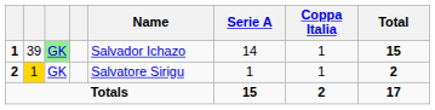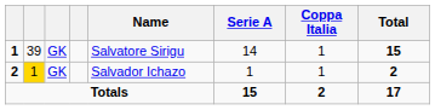 <table class="wikitable" style="text-align:center">
 <tr>
 <th width=15></th>
 <th width=15></th>
 <th width=15></th>
 <th width=15></th>
 <th width=145>Name</th>
 <th width=80><strong><a href='#'>Serie A</a></strong></th>
 <th width=80><strong><a href='#'>Coppa Italia</a></strong></th>
 <th width=80>Total</th>
 </tr>
 <tr>
 <td><strong>1</strong></td>
 <td>39</td>
-<td style="background: lightgreen;"><a href='#'>GK</a></td>
+<td><a href='#'>GK</a></td>
 <td></td>
-<td align=left><a href='#'>Salvador Ichazo</a></td>
+<td align=left><a href='#'>Salvatore Sirigu</a></td>
 <td>14</td>
 <td>1</td>
 <td><strong>15</strong></td>
 </tr>
 <tr>
 <td><strong>2</strong></td>
 <td style="background: gold;">1</td>
 <td><a href='#'>GK</a></td>
 <td></td>
-<td align=left><a href='#'>Salvatore Sirigu</a></td>
+<td align=left><a href='#'>Salvador Ichazo</a></td>
 <td>1</td>
 <td>1</td>
 <td><strong>2</strong></td>
 </tr>
 <tr>
 <td colspan=5><strong>Totals</strong></td>
 <td><strong>15</strong></td>
 <td><strong>2</strong></td>
 <td><strong>17</strong></td>
 </tr>
 </table>
